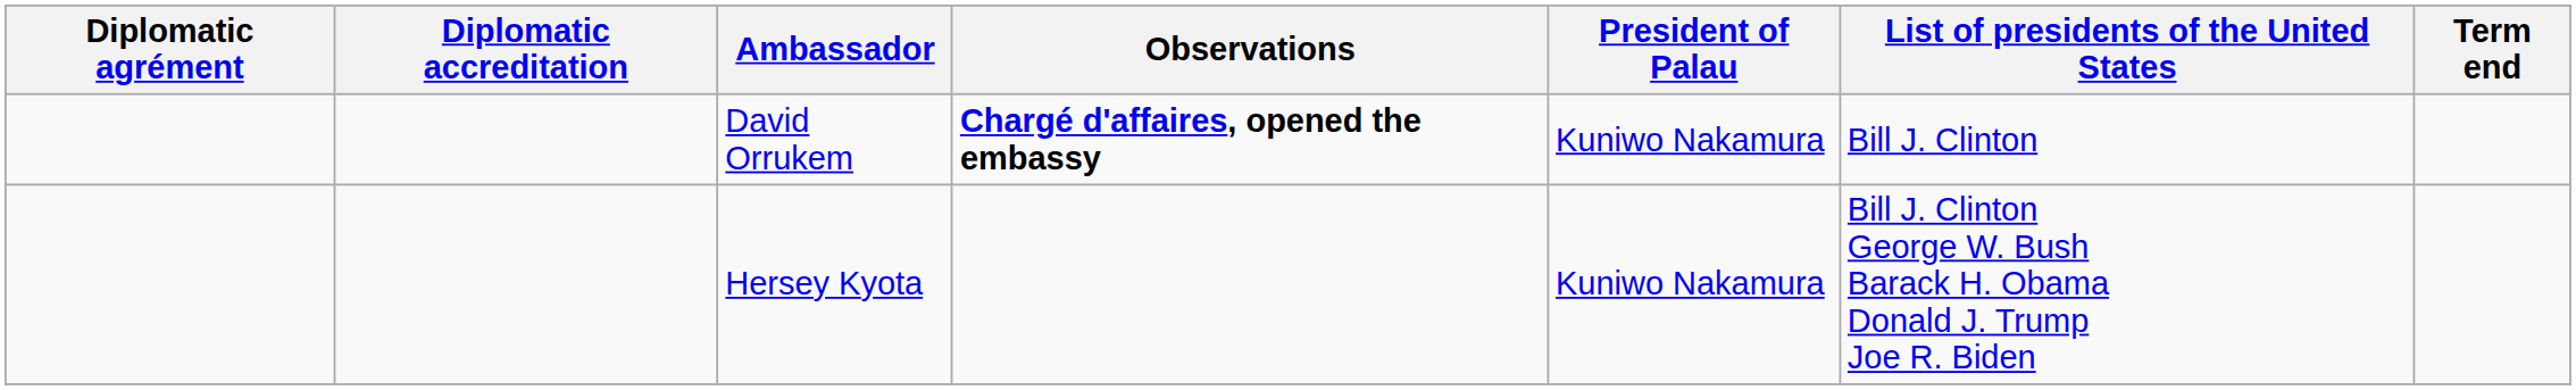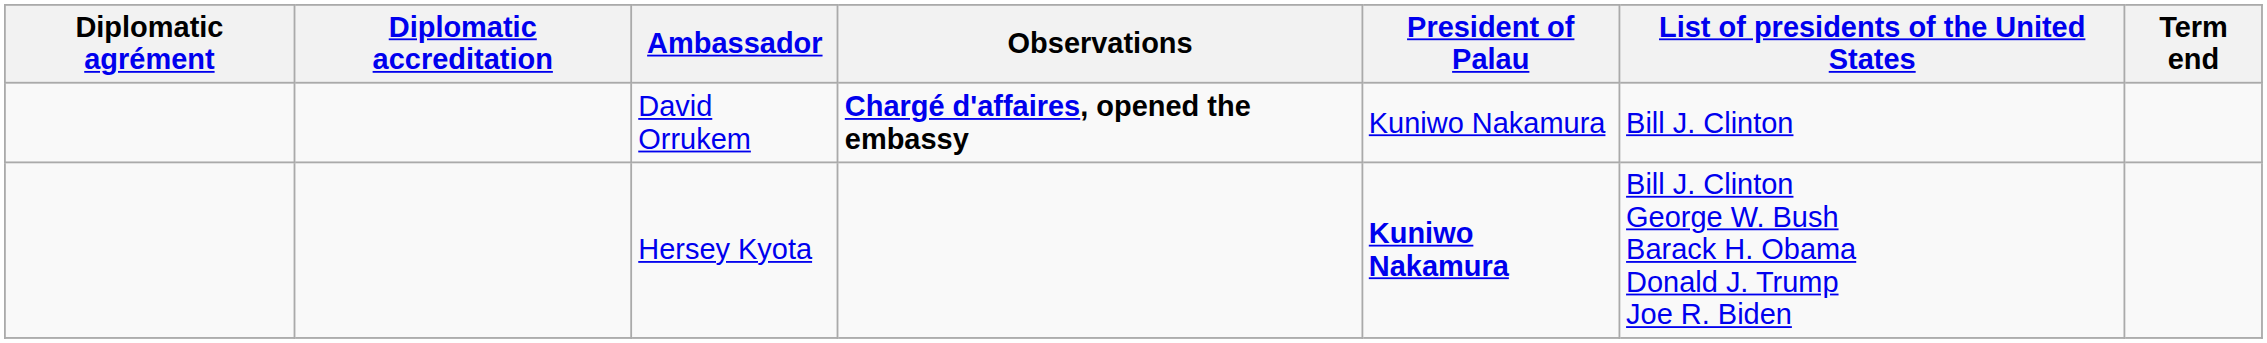 <table class="wikitable sortable">
 <tr>
 <th>Diplomatic <a href='#'>agrément</a></th>
 <th><a href='#'>Diplomatic accreditation</a></th>
 <th><a href='#'>Ambassador</a></th>
 <th>Observations</th>
 <th><a href='#'>President of Palau</a></th>
 <th><a href='#'>List of presidents of the United States</a></th>
 <th>Term end</th>
 </tr>
 <tr>
 <td></td>
 <td></td>
 <td><a href='#'>David Orrukem</a></td>
 <td><strong><a href='#'>Chargé d'affaires</a>, opened the embassy</strong></td>
 <td><a href='#'>Kuniwo Nakamura</a></td>
 <td><a href='#'>Bill J. Clinton</a></td>
 <td></td>
 </tr>
 <tr>
 <td></td>
 <td></td>
 <td><a href='#'>Hersey Kyota</a></td>
 <td></td>
-<td><a href='#'>Kuniwo Nakamura</a></td>
+<td><strong><a href='#'>Kuniwo Nakamura</a></strong></td>
 <td><a href='#'>Bill J. Clinton</a><br><a href='#'>George W. Bush</a><br><a href='#'>Barack H. Obama</a><br><a href='#'>Donald J. Trump</a><br><a href='#'>Joe R. Biden</a></td>
 </tr>
 </table>
